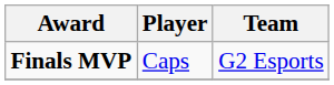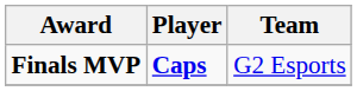 <table class="wikitable">
 <tr>
 <th>Award</th>
 <th>Player</th>
 <th>Team</th>
 </tr>
 <tr>
 <td style="text-align:center;"><strong>Finals MVP</strong></td>
-<td><a href='#'>Caps</a></td>
+<td><strong><a href='#'>Caps</a></strong></td>
 <td><a href='#'>G2 Esports</a></td>
 </tr>
 <tr>
 </tr>
 </table>
